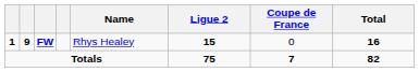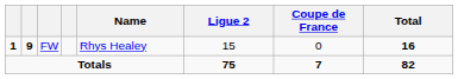 <table class="wikitable" style="text-align:center">
 <tr>
 <th width=15></th>
 <th width=15></th>
 <th width=15></th>
 <th width=15></th>
 <th width=145>Name</th>
 <th width=120><a href='#'>Ligue 2</a></th>
 <th width=120><a href='#'>Coupe de France</a></th>
 <th width=120>Total</th>
 </tr>
 <tr>
 <td><strong>1</strong></td>
 <td><strong>9</strong></td>
-<td><strong><a href='#'>FW</a></strong></td>
+<td><a href='#'>FW</a></td>
 <td></td>
 <td align=left><a href='#'>Rhys Healey</a></td>
-<td><strong>15</strong></td>
+<td>15</td>
 <td>0</td>
 <td><strong>16</strong></td>
 </tr>
 <tr>
 <td colspan=5><strong>Totals</strong></td>
 <td><strong>75</strong></td>
 <td><strong>7</strong></td>
 <td><strong>82</strong></td>
 </tr>
 </table>
